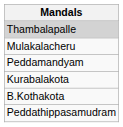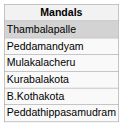 <table class="wikitable sortable static-row-numbers static-row-header-hash">
 <tr>
 <th>Mandals</th>
 </tr>
 <tr>
 <td style="background: lightgrey;">Thambalapalle</td>
 </tr>
 <tr>
-<td>Mulakalacheru</td>
+<td>Peddamandyam</td>
 </tr>
 <tr>
-<td>Peddamandyam</td>
+<td>Mulakalacheru</td>
 </tr>
 <tr>
 <td>Kurabalakota</td>
 </tr>
 <tr>
 <td>B.Kothakota</td>
 </tr>
 <tr>
 <td>Peddathippasamudram</td>
 </tr>
 </table>
